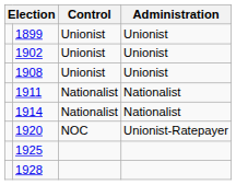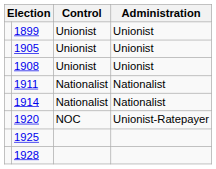 <table class="wikitable">
 <tr>
 <th colspan="2">Election</th>
 <th>Control</th>
 <th>Administration</th>
 </tr>
 <tr>
 <td style="background-color: "></td>
 <td><a href='#'>1899</a></td>
 <td>Unionist</td>
 <td>Unionist</td>
 </tr>
 <tr>
 <td style="background-color: "></td>
-<td><a href='#'>1902</a></td>
+<td><a href='#'>1905</a></td>
 <td>Unionist</td>
 <td>Unionist</td>
 </tr>
 <tr>
 <td style="background-color: "></td>
 <td><a href='#'>1908</a></td>
 <td>Unionist</td>
 <td>Unionist</td>
 </tr>
 <tr>
 <td style="background-color: "></td>
 <td><a href='#'>1911</a></td>
 <td>Nationalist</td>
 <td>Nationalist</td>
 </tr>
 <tr>
 <td style="background-color: "></td>
 <td><a href='#'>1914</a></td>
 <td>Nationalist</td>
 <td>Nationalist</td>
 </tr>
 <tr>
 <td style="background-color: "></td>
 <td><a href='#'>1920</a></td>
 <td>NOC</td>
 <td>Unionist-Ratepayer</td>
 </tr>
 <tr>
 <td></td>
 <td><a href='#'>1925</a></td>
 <td></td>
 <td></td>
 </tr>
 <tr>
 <td></td>
 <td><a href='#'>1928</a></td>
 <td></td>
 <td></td>
 </tr>
 </table>
